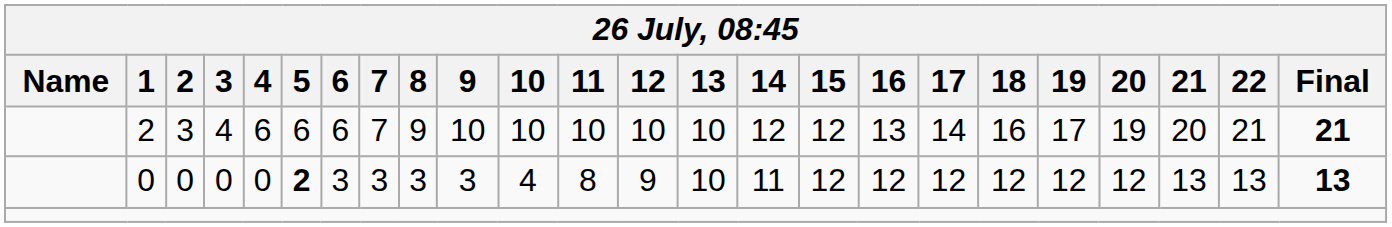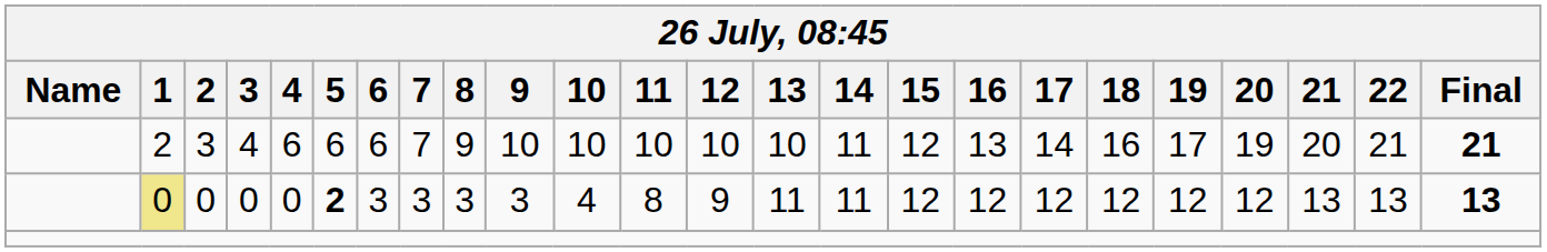 <table class=wikitable style="text-align:center; width: 55%">
 <tr>
 <th colspan=24><em>26 July, 08:45</em></th>
 </tr>
 <tr>
 <th>Name</th>
 <th>1</th>
 <th>2</th>
 <th>3</th>
 <th>4</th>
 <th>5</th>
 <th>6</th>
 <th>7</th>
 <th>8</th>
 <th>9</th>
 <th>10</th>
 <th>11</th>
 <th>12</th>
 <th>13</th>
 <th>14</th>
 <th>15</th>
 <th>16</th>
 <th>17</th>
 <th>18</th>
 <th>19</th>
 <th>20</th>
 <th>21</th>
 <th>22</th>
 <th>Final</th>
 </tr>
 <tr>
 <td align=left><strong></strong></td>
 <td>2</td>
 <td>3</td>
 <td>4</td>
 <td>6</td>
 <td>6</td>
 <td>6</td>
 <td>7</td>
 <td>9</td>
 <td>10</td>
 <td>10</td>
 <td>10</td>
 <td>10</td>
 <td>10</td>
-<td>12</td>
+<td>11</td>
 <td>12</td>
 <td>13</td>
 <td>14</td>
 <td>16</td>
 <td>17</td>
 <td>19</td>
 <td>20</td>
 <td>21</td>
 <td><strong>21</strong></td>
 </tr>
 <tr>
 <td align=left></td>
-<td>0</td>
+<td style="background: khaki;">0</td>
 <td>0</td>
 <td>0</td>
 <td>0</td>
 <td><strong>2</strong></td>
 <td>3</td>
 <td>3</td>
 <td>3</td>
 <td>3</td>
 <td>4</td>
 <td>8</td>
 <td>9</td>
-<td>10</td>
+<td>11</td>
 <td>11</td>
 <td>12</td>
 <td>12</td>
 <td>12</td>
 <td>12</td>
 <td>12</td>
 <td>12</td>
 <td>13</td>
 <td>13</td>
 <td><strong>13</strong></td>
 </tr>
 <tr>
 <td colspan=24></td>
 </tr>
 </table>
